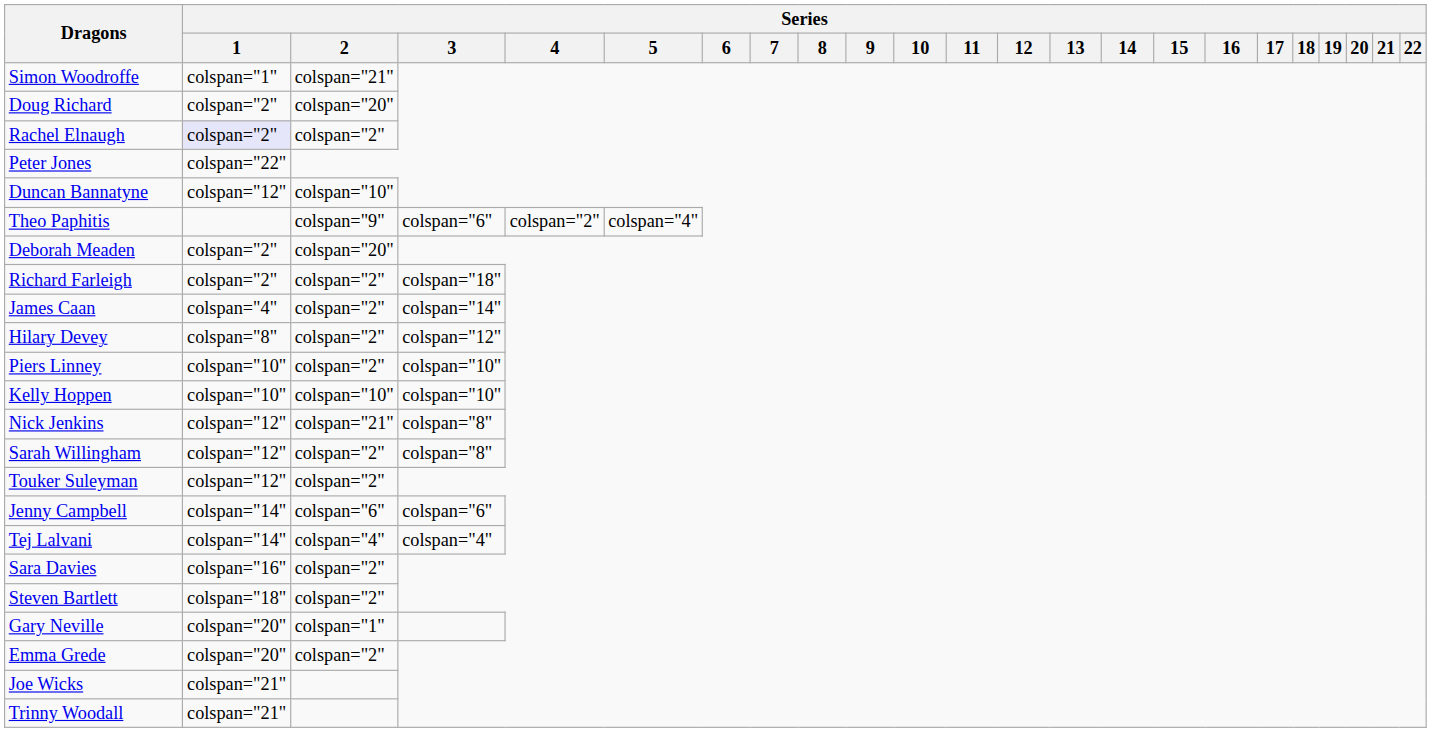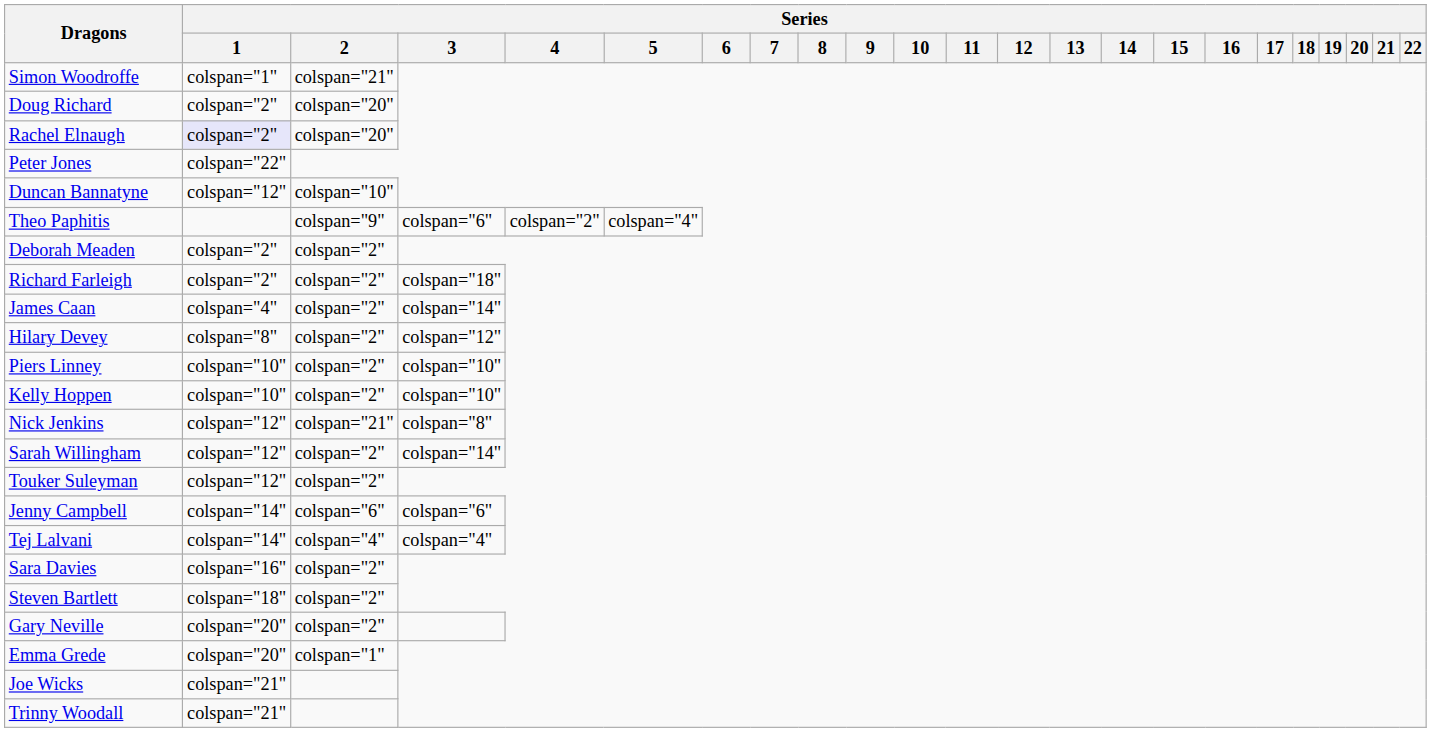 <table class="wikitable plainrowheaders" style="width:auto;">
 <tr>
 <th rowspan="2" scope="col" style="width:17%;">Dragons</th>
 <th colspan="22" scope="col">Series</th>
 </tr>
 <tr>
 <th scope="col" style="width:5%;">1</th>
 <th scope="col" style="width:5%;">2</th>
 <th scope="col" style="width:5%;">3</th>
 <th scope="col" style="width:5%;">4</th>
 <th scope="col" style="width:5%;">5</th>
 <th scope="col" style="width:5%;">6</th>
 <th scope="col" style="width:5%;">7</th>
 <th scope="col" style="width:5%;">8</th>
 <th scope="col" style="width:5%;">9</th>
 <th scope="col" style="width:5%;">10</th>
 <th scope="col" style="width:5%;">11</th>
 <th scope="col" style="width:5%;">12</th>
 <th scope="col" style="width:5%;">13</th>
 <th scope="col" style="width:5%;">14</th>
 <th scope="col" style="width:5%;">15</th>
 <th scope="col" style="width:5%;">16</th>
 <th scope="col" style="width:5%;">17</th>
 <th scope="col" style="width:5%;">18</th>
 <th scope="col" style="width:5%;">19</th>
 <th scope="col" style="width:5%;">20</th>
 <th scope="col" style="width:5%;">21</th>
 <th scope="col" style="width:5%;">22</th>
 </tr>
 <tr>
 <td scope="row"><a href='#'>Simon Woodroffe</a></td>
 <td>colspan="1" </td>
 <td>colspan="21" </td>
 </tr>
 <tr>
 <td scope="row"><a href='#'>Doug Richard</a></td>
 <td>colspan="2" </td>
 <td>colspan="20" </td>
 </tr>
 <tr>
 <td scope="row"><a href='#'>Rachel Elnaugh</a></td>
 <td style="background: lavender;">colspan="2" </td>
-<td>colspan="2" </td>
+<td>colspan="20" </td>
 </tr>
 <tr>
 <td scope="row"><a href='#'>Peter Jones</a></td>
 <td>colspan="22" </td>
 </tr>
 <tr>
 <td scope="row"><a href='#'>Duncan Bannatyne</a></td>
 <td>colspan="12" </td>
 <td>colspan="10" </td>
 </tr>
 <tr>
 <td scope="row"><a href='#'>Theo Paphitis</a></td>
 <td></td>
 <td>colspan="9" </td>
 <td>colspan="6"  </td>
 <td>colspan="2" </td>
 <td>colspan="4"  </td>
 </tr>
 <tr>
 <td scope="row"><a href='#'>Deborah Meaden</a></td>
 <td>colspan="2"  </td>
-<td>colspan="20" </td>
+<td>colspan="2" </td>
 </tr>
 <tr>
 <td scope="row"><a href='#'>Richard Farleigh</a></td>
 <td>colspan="2" </td>
 <td>colspan="2" </td>
 <td>colspan="18" </td>
 </tr>
 <tr>
 <td scope="row"><a href='#'>James Caan</a></td>
 <td>colspan="4" </td>
 <td>colspan="2" </td>
 <td>colspan="14" </td>
 </tr>
 <tr>
 <td scope="row"><a href='#'>Hilary Devey</a></td>
 <td>colspan="8" </td>
 <td>colspan="2" </td>
 <td>colspan="12" </td>
 </tr>
 <tr>
 <td scope="row"><a href='#'>Piers Linney</a></td>
 <td>colspan="10" </td>
 <td>colspan="2" </td>
 <td>colspan="10" </td>
 </tr>
 <tr>
 <td scope="row"><a href='#'>Kelly Hoppen</a></td>
 <td>colspan="10" </td>
-<td>colspan="10" </td>
+<td>colspan="2" </td>
 <td>colspan="10" </td>
 </tr>
 <tr>
 <td scope="row"><a href='#'>Nick Jenkins</a></td>
 <td>colspan="12" </td>
 <td>colspan="21" </td>
 <td>colspan="8" </td>
 </tr>
 <tr>
 <td scope="row"><a href='#'>Sarah Willingham</a></td>
 <td>colspan="12" </td>
 <td>colspan="2" </td>
-<td>colspan="8" </td>
+<td>colspan="14" </td>
 </tr>
 <tr>
 <td scope="row"><a href='#'>Touker Suleyman</a></td>
 <td>colspan="12" </td>
 <td>colspan="2" </td>
 </tr>
 <tr>
 <td scope="row"><a href='#'>Jenny Campbell</a></td>
 <td>colspan="14" </td>
 <td>colspan="6" </td>
 <td>colspan="6" </td>
 </tr>
 <tr>
 <td scope="row"><a href='#'>Tej Lalvani</a></td>
 <td>colspan="14" </td>
 <td>colspan="4" </td>
 <td>colspan="4" </td>
 </tr>
 <tr>
 <td scope="row"><a href='#'>Sara Davies</a></td>
 <td>colspan="16" </td>
 <td>colspan="2" </td>
 </tr>
 <tr>
 <td scope="row"><a href='#'>Steven Bartlett</a></td>
 <td>colspan="18" </td>
 <td>colspan="2" </td>
 </tr>
 <tr>
 <td scope="row"><a href='#'>Gary Neville</a></td>
 <td>colspan="20" </td>
-<td>colspan="1" </td>
+<td>colspan="2" </td>
 <td></td>
 </tr>
 <tr>
 <td scope="row"><a href='#'>Emma Grede</a></td>
 <td>colspan="20" </td>
-<td>colspan="2" </td>
+<td>colspan="1" </td>
 </tr>
 <tr>
 <td scope="row"><a href='#'>Joe Wicks</a></td>
 <td>colspan="21" </td>
 <td></td>
 </tr>
 <tr>
 <td scope="row"><a href='#'>Trinny Woodall</a></td>
 <td>colspan="21" </td>
 <td></td>
 </tr>
 </table>
